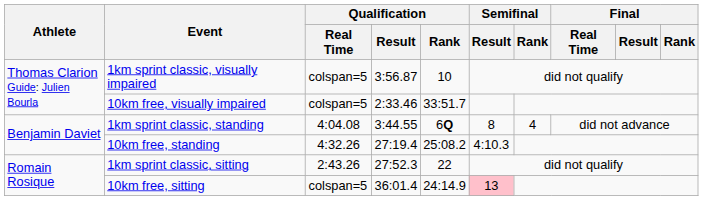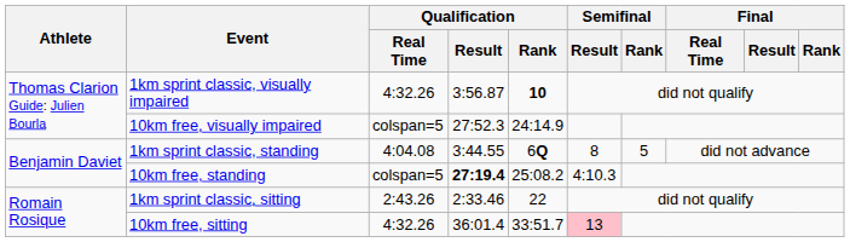 <table class="wikitable" style="font-size:100%">
 <tr>
 <th rowspan="2">Athlete</th>
 <th rowspan="2">Event</th>
 <th colspan="3">Qualification</th>
 <th colspan="2">Semifinal</th>
 <th colspan="3">Final</th>
 </tr>
 <tr>
 <th>Real Time</th>
 <th>Result</th>
 <th>Rank</th>
 <th>Result</th>
 <th>Rank</th>
 <th>Real Time</th>
 <th>Result</th>
 <th>Rank</th>
 </tr>
 <tr>
 <td rowspan=2><a href='#'>Thomas Clarion</a><br><small><a href='#'>Guide</a>: <a href='#'>Julien Bourla</a></small></td>
 <td><a href='#'>1km sprint classic, visually impaired</a></td>
-<td>colspan=5 </td>
+<td align="center">4:32.26</td>
 <td align="center">3:56.87</td>
-<td align="center">10</td>
+<td align="center"><strong>10</strong></td>
 <td colspan=5 align="center">did not qualify</td>
 </tr>
 <tr>
 <td><a href='#'>10km free, visually impaired</a></td>
 <td>colspan=5 </td>
-<td align="center">2:33.46</td>
-<td align="center">33:51.7</td>
+<td align="center">27:52.3</td>
+<td align="center">24:14.9</td>
 <td align="center"></td>
 </tr>
 <tr>
 <td rowspan=2><a href='#'>Benjamin Daviet</a></td>
 <td><a href='#'>1km sprint classic, standing</a></td>
 <td align="center">4:04.08</td>
 <td align="center">3:44.55</td>
 <td align="center">6<strong>Q</strong></td>
 <td align="center">8</td>
-<td align="center">4</td>
+<td align="center">5</td>
 <td colspan=3 align="center">did not advance</td>
 </tr>
 <tr>
 <td><a href='#'>10km free, standing</a></td>
-<td align="center">4:32.26</td>
-<td align="center">27:19.4</td>
+<td>colspan=5 </td>
+<td align="center"><strong>27:19.4</strong></td>
 <td align="center">25:08.2</td>
 <td align="center">4:10.3</td>
 </tr>
 <tr>
 <td rowspan=2><a href='#'>Romain Rosique</a></td>
 <td><a href='#'>1km sprint classic, sitting</a></td>
 <td align="center">2:43.26</td>
-<td align="center">27:52.3</td>
+<td align="center">2:33.46</td>
 <td align="center">22</td>
 <td colspan=5 align="center">did not qualify</td>
 </tr>
 <tr>
 <td><a href='#'>10km free, sitting</a></td>
-<td>colspan=5 </td>
+<td align="center">4:32.26</td>
 <td align="center">36:01.4</td>
-<td align="center">24:14.9</td>
+<td align="center">33:51.7</td>
 <td align="center" style="background: pink;">13</td>
 </tr>
 </table>
